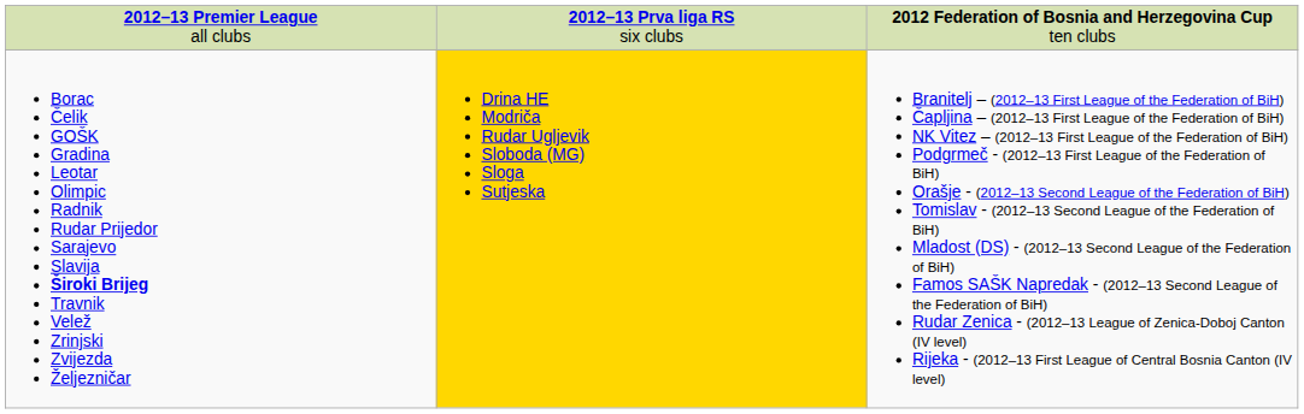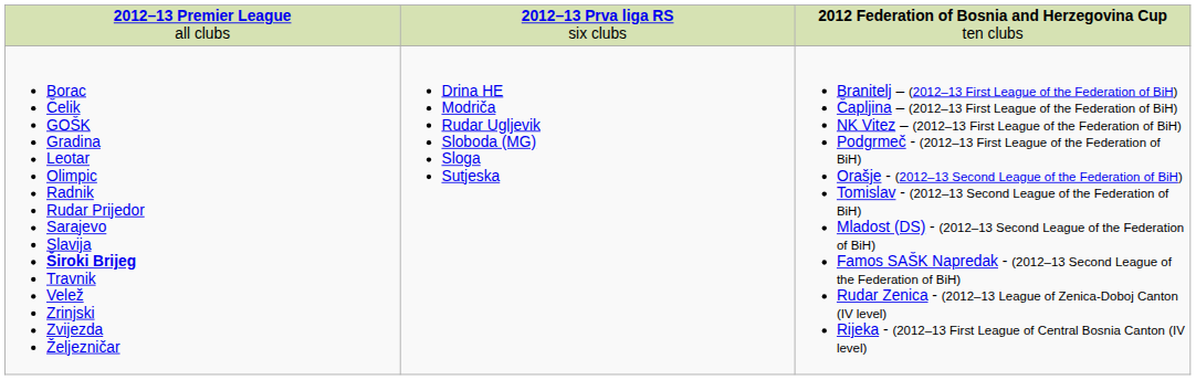 <table class="wikitable">
 <tr style="vertical-align:top; background:#d6e2b3;">
 <td style="text-align:center; width:25%;"><strong><a href='#'>2012–13 Premier League</a></strong><br>all clubs</td>
 <td style="text-align:center; width:25%;"><strong><a href='#'>2012–13 Prva liga RS</a></strong><br>six clubs</td>
 <td style="text-align:center; width:25%;"><strong>2012 Federation of Bosnia and Herzegovina Cup</strong><br>ten clubs</td>
 </tr>
 <tr valign="top">
 <td><br><ul><li><a href='#'>Borac</a></li><li><a href='#'>Čelik</a></li><li><a href='#'>GOŠK</a></li><li><a href='#'>Gradina</a></li><li><a href='#'>Leotar</a></li><li><a href='#'>Olimpic</a></li><li><a href='#'>Radnik</a></li><li><a href='#'>Rudar Prijedor</a></li><li><a href='#'>Sarajevo</a></li><li><a href='#'>Slavija</a></li><li><strong><a href='#'>Široki Brijeg</a></strong></li><li><a href='#'>Travnik</a></li><li><a href='#'>Velež</a></li><li><a href='#'>Zrinjski</a></li><li><a href='#'>Zvijezda</a></li><li><a href='#'>Željezničar</a></li></ul></td>
-<td style="background: gold;"><br><ul><li><a href='#'>Drina HE</a></li><li><a href='#'>Modriča</a></li><li><a href='#'>Rudar Ugljevik</a></li><li><a href='#'>Sloboda (MG)</a></li><li><a href='#'>Sloga</a></li><li><a href='#'>Sutjeska</a></li></ul></td>
+<td><br><ul><li><a href='#'>Drina HE</a></li><li><a href='#'>Modriča</a></li><li><a href='#'>Rudar Ugljevik</a></li><li><a href='#'>Sloboda (MG)</a></li><li><a href='#'>Sloga</a></li><li><a href='#'>Sutjeska</a></li></ul></td>
 <td><br><ul><li><a href='#'>Branitelj</a> – <small>(<a href='#'>2012–13 First League of the Federation of BiH</a>)</small></li><li><a href='#'>Čapljina</a> – <small>(2012–13 First League of the Federation of BiH)</small></li><li><a href='#'>NK Vitez</a> – <small>(2012–13 First League of the Federation of BiH)</small></li><li><a href='#'>Podgrmeč</a> - <small>(2012–13 First League of the Federation of BiH)</small></li><li><a href='#'>Orašje</a> - <small>(<a href='#'>2012–13 Second League of the Federation of BiH</a>)</small></li><li><a href='#'>Tomislav</a>  - <small>(2012–13 Second League of the Federation of BiH)</small></li><li><a href='#'>Mladost (DS)</a>  - <small>(2012–13 Second League of the Federation of BiH)</small></li><li><a href='#'>Famos SAŠK Napredak</a> - <small>(2012–13 Second League of the Federation of BiH)</small></li><li><a href='#'>Rudar Zenica</a> - <small>(2012–13 League of Zenica-Doboj Canton (IV level)</small></li><li><a href='#'>Rijeka</a> - <small>(2012–13 First League of Central Bosnia Canton (IV level)</small></li></ul></td>
 </tr>
 </table>
